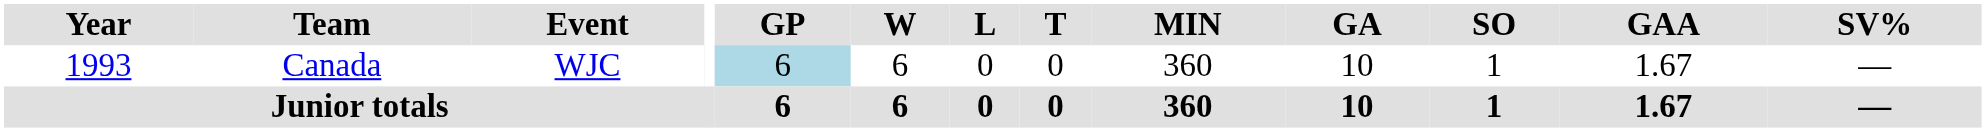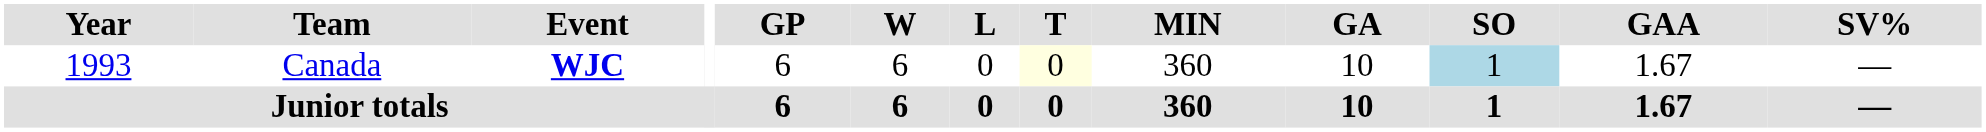 <table border="0" cellpadding="1" cellspacing="0" ID="Table3" style="text-align:center; width:60em">
 <tr ALIGN="center" bgcolor="#e0e0e0">
 <th>Year</th>
 <th>Team</th>
 <th>Event</th>
 <th rowspan="99" bgcolor="#ffffff"></th>
 <th>GP</th>
 <th>W</th>
 <th>L</th>
 <th>T</th>
 <th>MIN</th>
 <th>GA</th>
 <th>SO</th>
 <th>GAA</th>
 <th>SV%</th>
 </tr>
 <tr>
 <td><a href='#'>1993</a></td>
 <td><a href='#'>Canada</a></td>
-<td><a href='#'>WJC</a></td>
-<td style="background: lightblue;">6</td>
+<td><strong><a href='#'>WJC</a></strong></td>
+<td>6</td>
 <td>6</td>
 <td>0</td>
-<td>0</td>
+<td style="background: lightyellow;">0</td>
 <td>360</td>
 <td>10</td>
-<td>1</td>
+<td style="background: lightblue;">1</td>
 <td>1.67</td>
 <td>—</td>
 </tr>
 <tr bgcolor="#e0e0e0">
 <th colspan=4>Junior totals</th>
 <th>6</th>
 <th>6</th>
 <th>0</th>
 <th>0</th>
 <th>360</th>
 <th>10</th>
 <th>1</th>
 <th>1.67</th>
 <th>—</th>
 </tr>
 </table>
